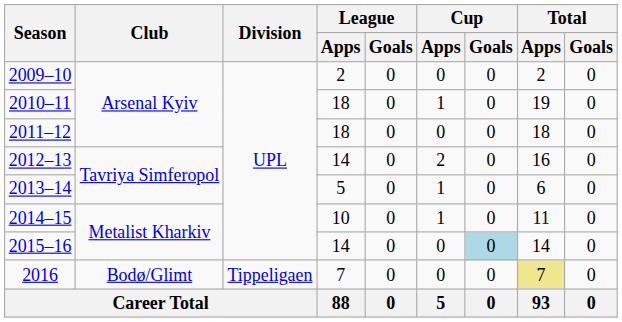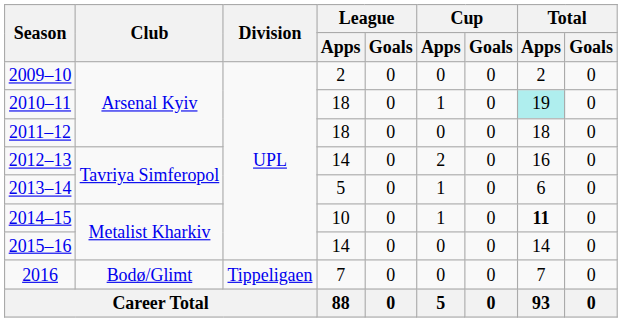 <table class="wikitable" style="text-align: center;">
 <tr>
 <th rowspan="2">Season</th>
 <th rowspan="2">Club</th>
 <th rowspan="2">Division</th>
 <th colspan="2">League</th>
 <th colspan="2">Cup</th>
 <th colspan="2">Total</th>
 </tr>
 <tr>
 <th>Apps</th>
 <th>Goals</th>
 <th>Apps</th>
 <th>Goals</th>
 <th>Apps</th>
 <th>Goals</th>
 </tr>
 <tr>
 <td><a href='#'>2009–10</a></td>
 <td rowspan="3" valign="center"><a href='#'>Arsenal Kyiv</a></td>
 <td rowspan="7" valign="center"><a href='#'>UPL</a></td>
 <td>2</td>
 <td>0</td>
 <td>0</td>
 <td>0</td>
 <td>2</td>
 <td>0</td>
 </tr>
 <tr>
 <td><a href='#'>2010–11</a></td>
 <td>18</td>
 <td>0</td>
 <td>1</td>
 <td>0</td>
-<td>19</td>
+<td style="background: paleturquoise;">19</td>
 <td>0</td>
 </tr>
 <tr>
 <td><a href='#'>2011–12</a></td>
 <td>18</td>
 <td>0</td>
 <td>0</td>
 <td>0</td>
 <td>18</td>
 <td>0</td>
 </tr>
 <tr>
 <td><a href='#'>2012–13</a></td>
 <td rowspan="2" valign="center"><a href='#'>Tavriya Simferopol</a></td>
 <td>14</td>
 <td>0</td>
 <td>2</td>
 <td>0</td>
 <td>16</td>
 <td>0</td>
 </tr>
 <tr>
 <td><a href='#'>2013–14</a></td>
 <td>5</td>
 <td>0</td>
 <td>1</td>
 <td>0</td>
 <td>6</td>
 <td>0</td>
 </tr>
 <tr>
 <td><a href='#'>2014–15</a></td>
 <td rowspan="2" valign="center"><a href='#'>Metalist Kharkiv</a></td>
 <td>10</td>
 <td>0</td>
 <td>1</td>
 <td>0</td>
-<td>11</td>
+<td><strong>11</strong></td>
 <td>0</td>
 </tr>
 <tr>
 <td><a href='#'>2015–16</a></td>
 <td>14</td>
 <td>0</td>
 <td>0</td>
-<td style="background: lightblue;">0</td>
+<td>0</td>
 <td>14</td>
 <td>0</td>
 </tr>
 <tr>
 <td><a href='#'>2016</a></td>
 <td rowspan="1" valign="center"><a href='#'>Bodø/Glimt</a></td>
 <td rowspan="1" valign="center"><a href='#'>Tippeligaen</a></td>
 <td>7</td>
 <td>0</td>
 <td>0</td>
 <td>0</td>
-<td style="background: khaki;">7</td>
+<td>7</td>
 <td>0</td>
 </tr>
 <tr>
 <th colspan="3">Career Total</th>
 <th>88</th>
 <th>0</th>
 <th>5</th>
 <th>0</th>
 <th>93</th>
 <th>0</th>
 </tr>
 </table>
